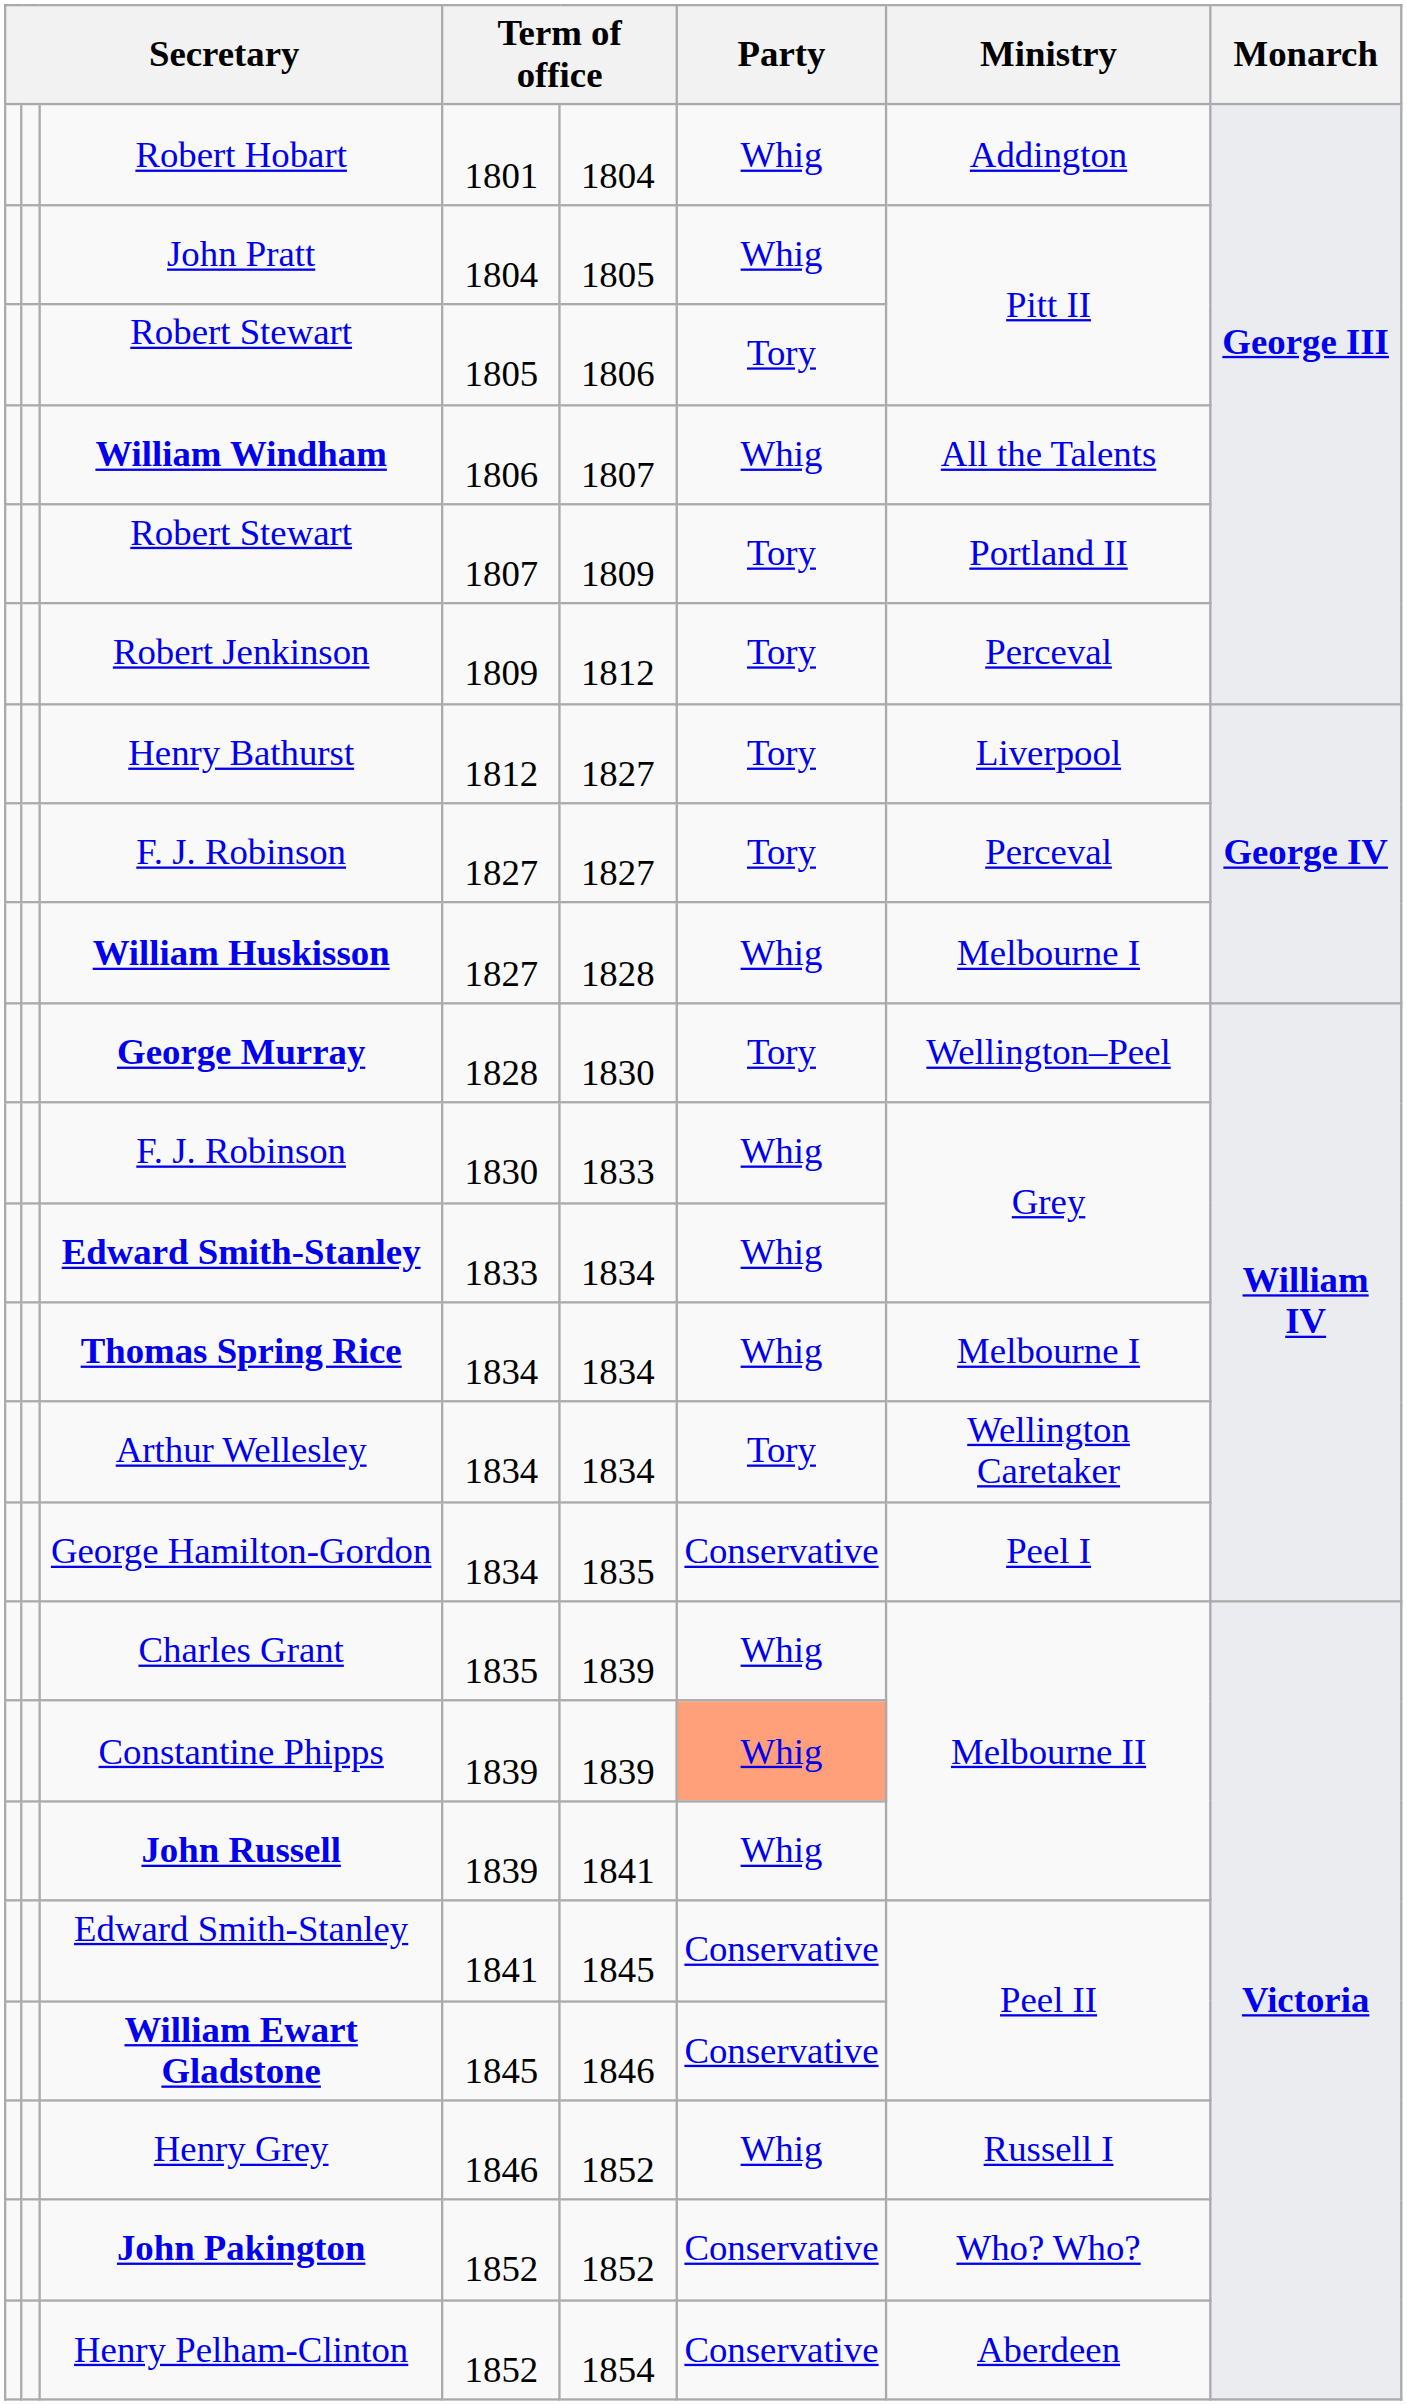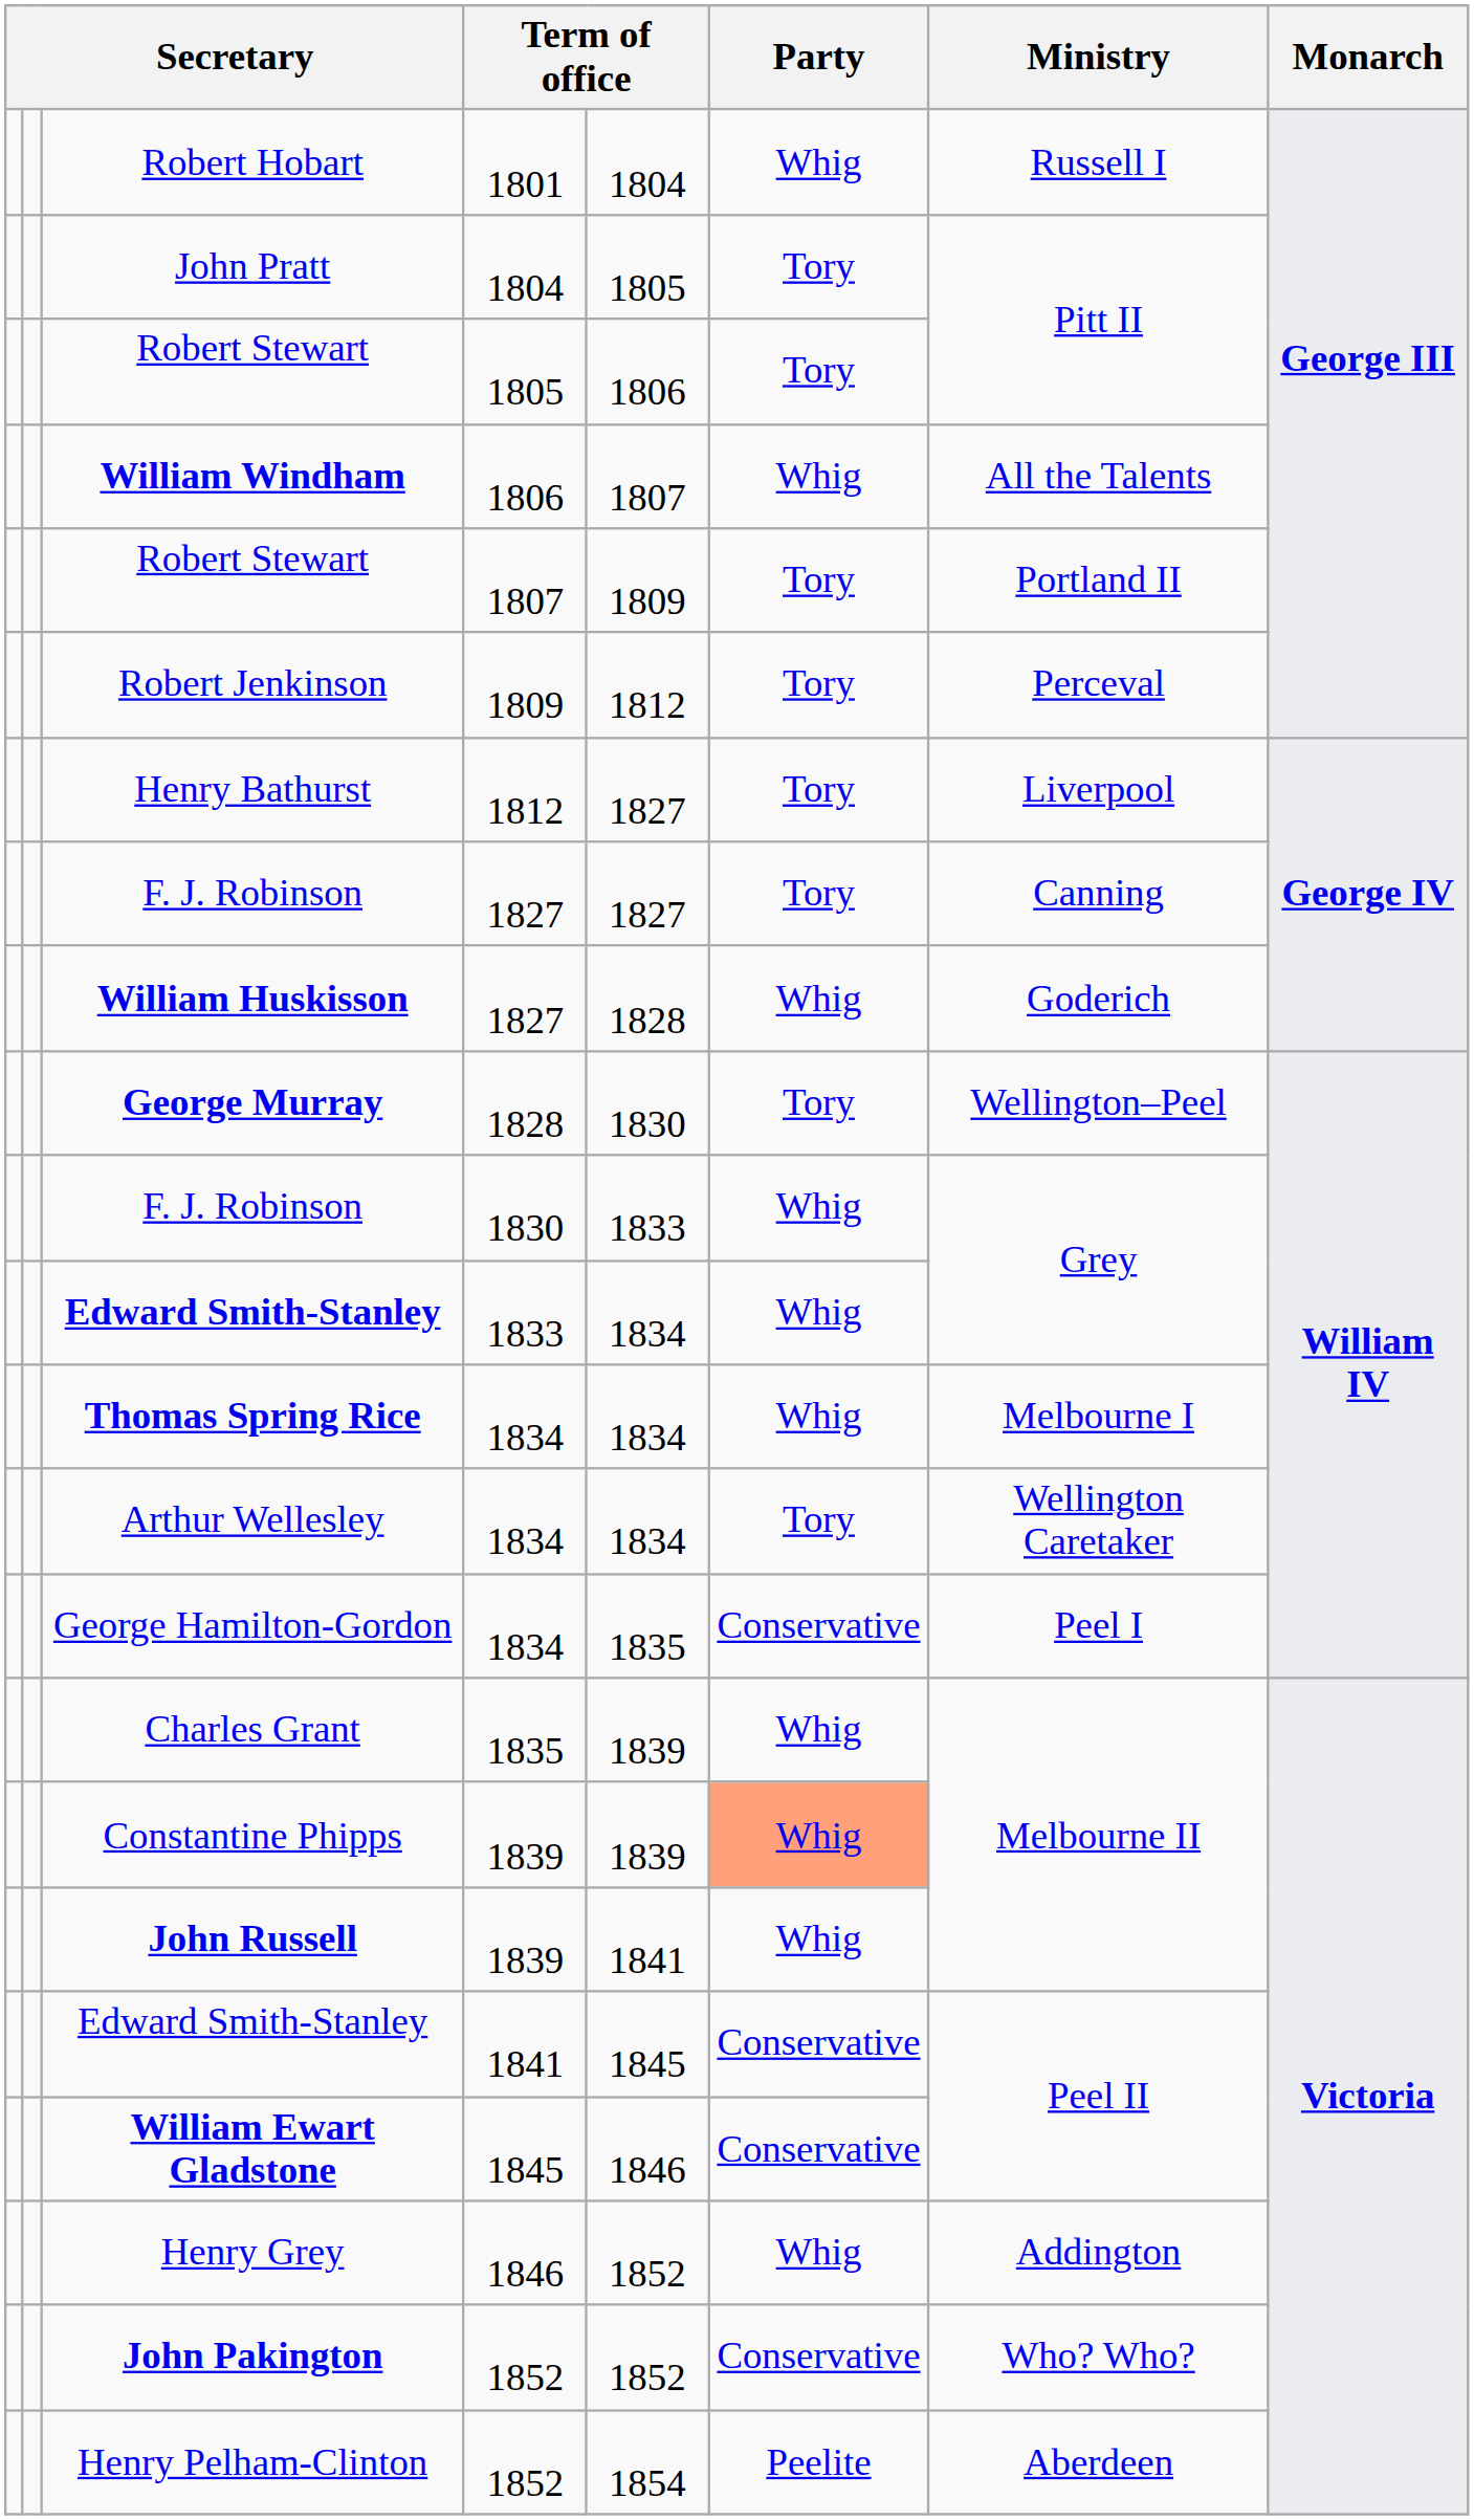 <table class="wikitable" style="text-align:Center">
 <tr>
 <th colspan=3>Secretary</th>
 <th colspan=2>Term of office</th>
 <th>Party</th>
 <th>Ministry</th>
 <th>Monarch<br></th>
 </tr>
 <tr>
 <td style="background-color: "></td>
 <td></td>
 <td><a href='#'>Robert Hobart<br><strong></strong></a></td>
 <td><br>1801</td>
 <td><br>1804</td>
 <td><a href='#'>Whig</a></td>
-<td><a href='#'>Addington</a></td>
+<td><a href='#'>Russell I</a></td>
 <td rowspan=7 style="background:#eaecf0"><a href='#'><strong>George III</strong></a><br><br><br><br></td>
 </tr>
 <tr>
 <td style="background-color: "></td>
 <td></td>
 <td><a href='#'>John Pratt<br></a></td>
 <td><br>1804</td>
 <td><br>1805</td>
-<td><a href='#'>Whig</a></td>
+<td><a href='#'>Tory</a></td>
 <td rowspan=2 ><a href='#'>Pitt II</a></td>
 </tr>
 <tr>
 <td style="background-color: "></td>
 <td></td>
 <td><a href='#'>Robert Stewart<br><strong></strong></a><br></td>
 <td><br>1805</td>
 <td><br>1806</td>
 <td><a href='#'>Tory</a></td>
 </tr>
 <tr>
 <td style="background-color: "></td>
 <td></td>
 <td><strong><a href='#'>William Windham</a></strong><br></td>
 <td><br>1806</td>
 <td><br>1807</td>
 <td><a href='#'>Whig</a></td>
 <td><a href='#'>All the Talents</a><br></td>
 </tr>
 <tr>
 <td style="background-color: "></td>
 <td></td>
 <td><a href='#'>Robert Stewart<br><strong></strong></a><br></td>
 <td><br>1807</td>
 <td><br>1809</td>
 <td><a href='#'>Tory</a></td>
 <td><a href='#'>Portland II</a></td>
 </tr>
 <tr>
 <td style="background-color: "></td>
 <td></td>
 <td><a href='#'>Robert Jenkinson<br></a></td>
 <td><br>1809</td>
 <td><br>1812</td>
 <td><a href='#'>Tory</a></td>
 <td><a href='#'>Perceval</a></td>
 </tr>
 <tr>
 <td rowspan=2 style="background-color: "></td>
 <td rowspan=2></td>
 <td rowspan=2><a href='#'>Henry Bathurst<br></a></td>
 <td rowspan=2><br>1812</td>
 <td rowspan=2><br>1827</td>
 <td rowspan=2 ><a href='#'>Tory</a></td>
 <td rowspan=2 ><a href='#'>Liverpool</a></td>
 </tr>
 <tr>
 <td rowspan=4 style="background:#eaecf0"><a href='#'><strong>George IV</strong></a><br></td>
 </tr>
 <tr>
 <td style="background-color: "></td>
 <td></td>
 <td><a href='#'>F. J. Robinson<br><strong></strong></a></td>
 <td><br>1827</td>
 <td><br>1827</td>
 <td><a href='#'>Tory</a></td>
-<td><a href='#'>Perceval</a></td>
+<td><a href='#'>Canning</a><br></td>
 </tr>
 <tr>
 <td style="background-color: "></td>
 <td></td>
 <td><strong><a href='#'>William Huskisson</a></strong><br></td>
 <td><br>1827</td>
 <td><br>1828</td>
 <td><a href='#'>Whig</a></td>
-<td><a href='#'>Melbourne I</a></td>
+<td><a href='#'>Goderich</a><br></td>
 </tr>
 <tr>
 <td rowspan=2 style="background-color: "></td>
 <td rowspan=2></td>
 <td rowspan=2><strong><a href='#'>George Murray</a></strong><br></td>
 <td rowspan=2><br>1828</td>
 <td rowspan=2><br>1830</td>
 <td rowspan=2 ><a href='#'>Tory</a></td>
 <td rowspan=2 ><a href='#'>Wellington–Peel</a></td>
 </tr>
 <tr>
 <td rowspan=7 style="background:#eaecf0"><a href='#'><strong>William IV</strong></a><br></td>
 </tr>
 <tr>
 <td style="background-color: "></td>
 <td></td>
 <td><a href='#'>F. J. Robinson<br><strong></strong></a></td>
 <td><br>1830</td>
 <td><br>1833</td>
 <td><a href='#'>Whig</a></td>
 <td rowspan=2 ><a href='#'>Grey</a></td>
 </tr>
 <tr>
 <td style="background-color: "></td>
 <td></td>
 <td><strong><a href='#'>Edward Smith-Stanley</a></strong><br></td>
 <td><br>1833</td>
 <td><br>1834</td>
 <td><a href='#'>Whig</a></td>
 </tr>
 <tr>
 <td style="background-color: "></td>
 <td></td>
 <td><strong><a href='#'>Thomas Spring Rice</a></strong><br></td>
 <td><br>1834</td>
 <td><br>1834</td>
 <td><a href='#'>Whig</a></td>
 <td><a href='#'>Melbourne I</a></td>
 </tr>
 <tr>
 <td style="background-color: "></td>
 <td></td>
 <td><a href='#'>Arthur Wellesley<br><strong></strong></a></td>
 <td><br>1834</td>
 <td><br>1834</td>
 <td><a href='#'>Tory</a></td>
 <td><a href='#'>Wellington Caretaker</a></td>
 </tr>
 <tr>
 <td style="background-color: "></td>
 <td></td>
 <td><a href='#'>George Hamilton-Gordon<br></a></td>
 <td><br>1834</td>
 <td><br>1835</td>
 <td><a href='#'>Conservative</a></td>
 <td><a href='#'>Peel I</a></td>
 </tr>
 <tr>
 <td rowspan=2 style="background-color: "></td>
 <td rowspan=2></td>
 <td rowspan=2><a href='#'>Charles Grant<br></a></td>
 <td rowspan=2><br>1835</td>
 <td rowspan=2><br>1839</td>
 <td rowspan=2 ><a href='#'>Whig</a></td>
 <td rowspan=4 ><a href='#'>Melbourne II</a></td>
 </tr>
 <tr>
 <td rowspan=8 style="background:#eaecf0"><a href='#'><strong>Victoria</strong></a><br></td>
 </tr>
 <tr>
 <td style="background-color: "></td>
 <td></td>
 <td><a href='#'>Constantine Phipps<br></a></td>
 <td><br>1839</td>
 <td><br>1839</td>
 <td style="background: lightsalmon;"><a href='#'>Whig</a></td>
 </tr>
 <tr>
 <td style="background-color: "></td>
 <td></td>
 <td><strong><a href='#'>John Russell</a></strong><br></td>
 <td><br>1839</td>
 <td><br>1841</td>
 <td><a href='#'>Whig</a></td>
 </tr>
 <tr>
 <td style="background-color: "></td>
 <td></td>
 <td><a href='#'>Edward Smith-Stanley<br><strong></strong></a><br></td>
 <td><br>1841</td>
 <td><br>1845</td>
 <td><a href='#'>Conservative</a></td>
 <td rowspan=2 ><a href='#'>Peel II</a></td>
 </tr>
 <tr>
 <td style="background-color: "></td>
 <td></td>
 <td><strong><a href='#'>William Ewart Gladstone</a></strong><br></td>
 <td><br>1845</td>
 <td><br>1846</td>
 <td><a href='#'>Conservative</a></td>
 </tr>
 <tr>
 <td style="background-color: "></td>
 <td></td>
 <td><a href='#'>Henry Grey<br></a></td>
 <td><br>1846</td>
 <td><br>1852</td>
 <td><a href='#'>Whig</a></td>
-<td><a href='#'>Russell I</a></td>
+<td><a href='#'>Addington</a></td>
 </tr>
 <tr>
 <td style="background-color: "></td>
 <td></td>
 <td><strong><a href='#'>John Pakington</a></strong><br></td>
 <td><br>1852</td>
 <td><br>1852</td>
 <td><a href='#'>Conservative</a></td>
 <td><a href='#'>Who? Who?</a></td>
 </tr>
 <tr>
 <td style="background-color: "></td>
 <td></td>
 <td><a href='#'>Henry Pelham-Clinton<br></a></td>
 <td><br>1852</td>
 <td><br>1854</td>
-<td><a href='#'>Conservative</a></td>
+<td><a href='#'>Peelite</a></td>
 <td><a href='#'>Aberdeen</a><br></td>
 </tr>
 </table>
